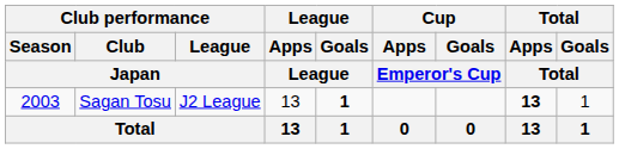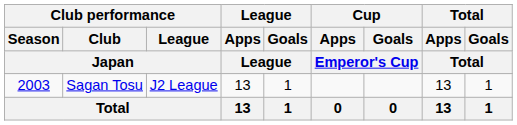 <table class="wikitable" style="text-align:center;">
 <tr>
 <th colspan=3>Club performance</th>
 <th colspan=2>League</th>
 <th colspan=2>Cup</th>
 <th colspan=2>Total</th>
 </tr>
 <tr>
 <th>Season</th>
 <th>Club</th>
 <th>League</th>
 <th>Apps</th>
 <th>Goals</th>
 <th>Apps</th>
 <th>Goals</th>
 <th>Apps</th>
 <th>Goals</th>
 </tr>
 <tr>
 <th colspan=3>Japan</th>
 <th colspan=2>League</th>
 <th colspan=2><a href='#'>Emperor's Cup</a></th>
 <th colspan=2>Total</th>
 </tr>
 <tr>
 <td><a href='#'>2003</a></td>
 <td><a href='#'>Sagan Tosu</a></td>
 <td><a href='#'>J2 League</a></td>
 <td>13</td>
-<td><strong>1</strong></td>
+<td>1</td>
 <td></td>
 <td></td>
-<td><strong>13</strong></td>
+<td>13</td>
 <td>1</td>
 </tr>
 <tr>
 <th colspan=3>Total</th>
 <th>13</th>
 <th>1</th>
 <th>0</th>
 <th>0</th>
 <th>13</th>
 <th>1</th>
 </tr>
 </table>
